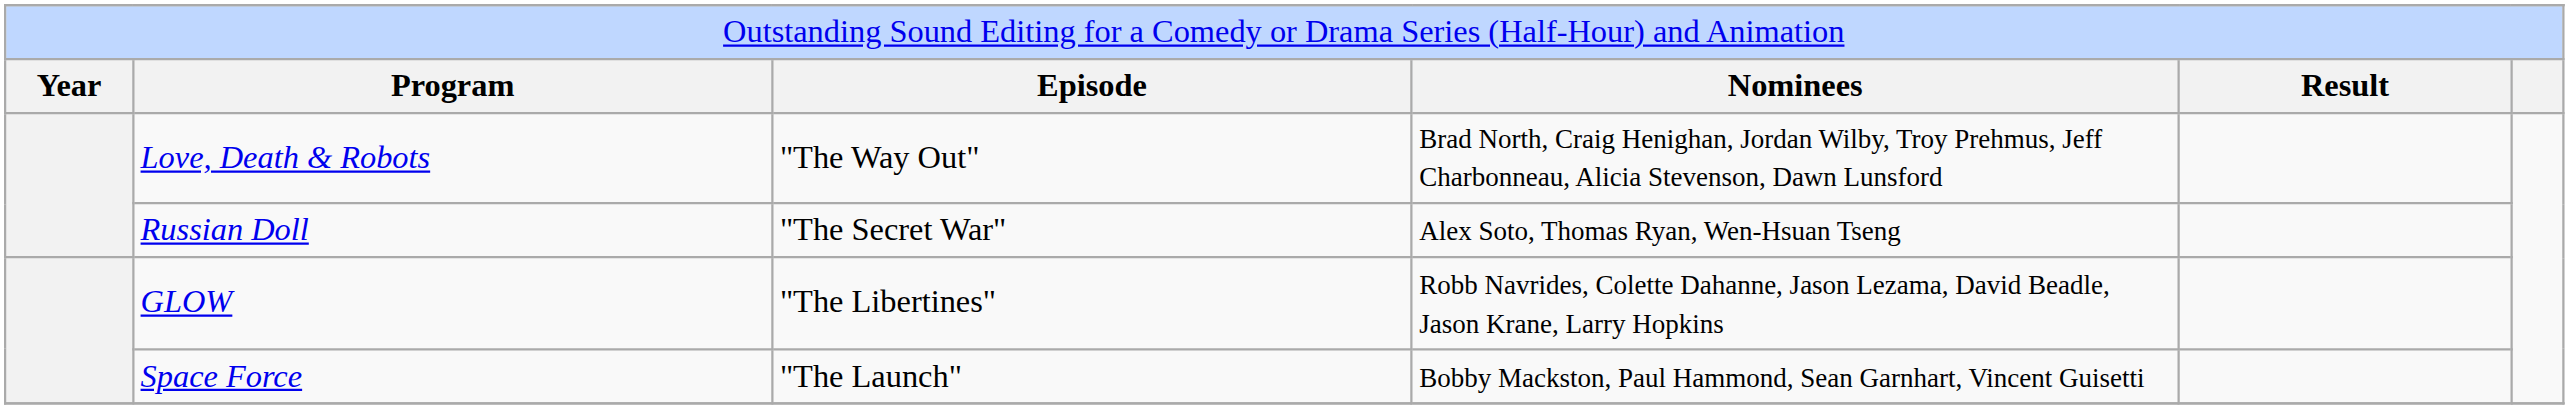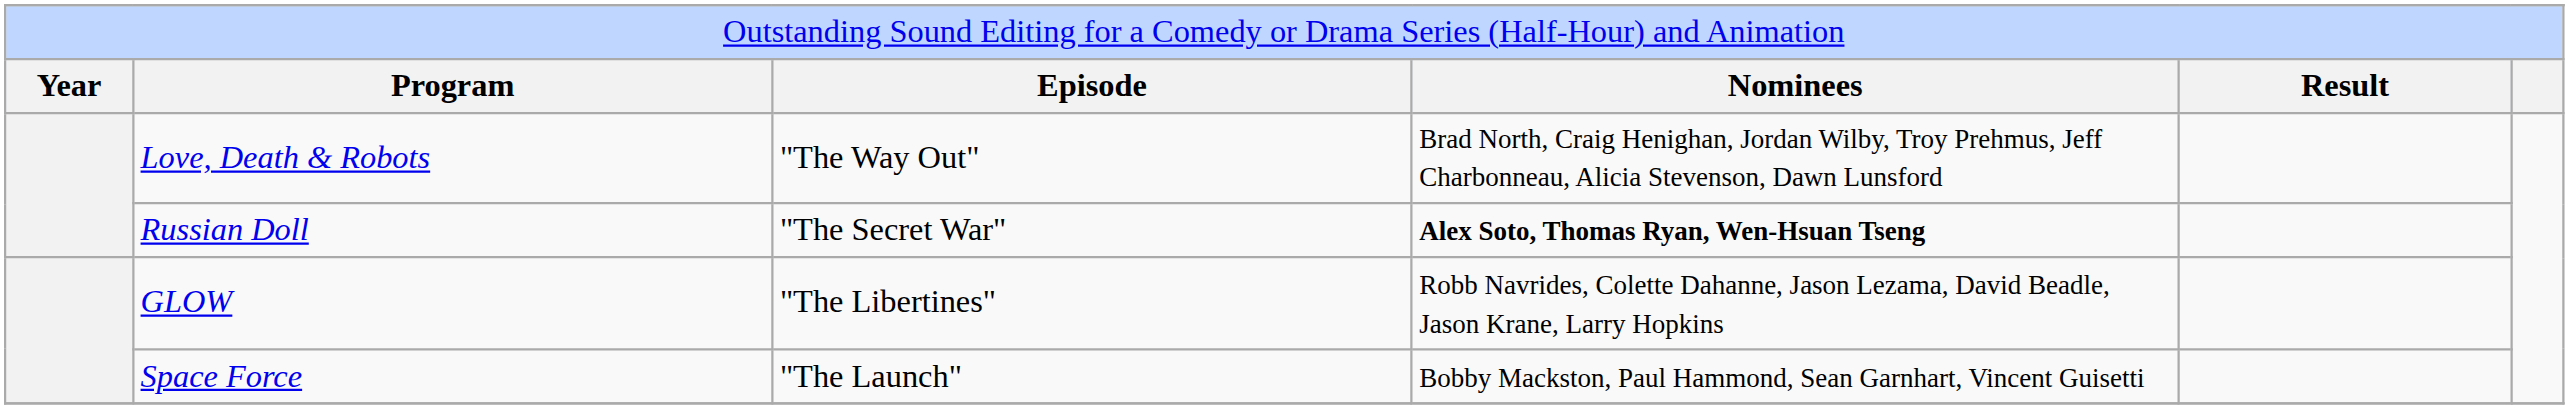 <table class="wikitable plainrowheaders" style="font-size: 90%" width=90%>
 <tr>
 </tr>
 <tr ---- bgcolor="#bfd7ff">
 <td colspan=6 align=center><a href='#'>Outstanding Sound Editing for a Comedy or Drama Series (Half-Hour) and Animation</a></td>
 </tr>
 <tr ---- bgcolor="#ebf5ff">
 <th width="5%">Year</th>
 <th width="25%">Program</th>
 <th width="25%">Episode</th>
 <th width="30%">Nominees</th>
 <th width="13%">Result</th>
 <th width="5%"></th>
 </tr>
 <tr>
 <th scope=row rowspan="2"></th>
 <td><em><a href='#'>Love, Death & Robots</a></em></td>
 <td>"The Way Out"</td>
 <td><small>Brad North, Craig Henighan, Jordan Wilby, Troy Prehmus, Jeff Charbonneau, Alicia Stevenson, Dawn Lunsford</small></td>
 <td></td>
 <td rowspan="4"></td>
 </tr>
 <tr>
 <td><em><a href='#'>Russian Doll</a></em></td>
 <td>"The Secret War"</td>
-<td><small>Alex Soto, Thomas Ryan, Wen-Hsuan Tseng</small></td>
+<td><strong><small>Alex Soto, Thomas Ryan, Wen-Hsuan Tseng</small></strong></td>
 <td></td>
 </tr>
 <tr>
 <th scope=row rowspan="2"></th>
 <td><em><a href='#'>GLOW</a></em></td>
 <td>"The Libertines"</td>
 <td><small>Robb Navrides, Colette Dahanne, Jason Lezama, David Beadle, Jason Krane, Larry Hopkins</small></td>
 <td></td>
 </tr>
 <tr>
 <td><em><a href='#'>Space Force</a></em></td>
 <td>"The Launch"</td>
 <td><small>Bobby Mackston, Paul Hammond, Sean Garnhart, Vincent Guisetti</small></td>
 <td></td>
 </tr>
 <tr>
 </tr>
 </table>
